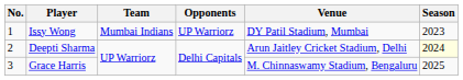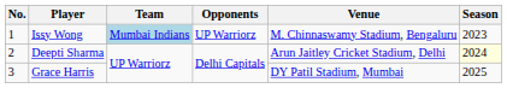 <table class="wikitable">
 <tr>
 <th>No.</th>
 <th>Player</th>
 <th>Team</th>
 <th>Opponents</th>
 <th>Venue</th>
 <th>Season</th>
 </tr>
 <tr>
 <td>1</td>
 <td><a href='#'>Issy Wong</a></td>
-<td><a href='#'>Mumbai Indians</a></td>
+<td style="background: lightblue;"><a href='#'>Mumbai Indians</a></td>
 <td><a href='#'>UP Warriorz</a></td>
-<td><a href='#'>DY Patil Stadium</a>, <a href='#'>Mumbai</a></td>
+<td><a href='#'>M. Chinnaswamy Stadium</a>, <a href='#'>Bengaluru</a></td>
 <td>2023</td>
 </tr>
 <tr>
 <td>2</td>
 <td><a href='#'>Deepti Sharma</a></td>
 <td rowspan="2"><a href='#'>UP Warriorz</a></td>
 <td rowspan="2"><a href='#'>Delhi Capitals</a></td>
 <td><a href='#'>Arun Jaitley Cricket Stadium</a>, <a href='#'>Delhi</a></td>
 <td style="background: lightyellow;">2024</td>
 </tr>
 <tr>
 <td>3</td>
 <td><a href='#'>Grace Harris</a></td>
-<td><a href='#'>M. Chinnaswamy Stadium</a>, <a href='#'>Bengaluru</a></td>
+<td><a href='#'>DY Patil Stadium</a>, <a href='#'>Mumbai</a></td>
 <td>2025</td>
 </tr>
 </table>
